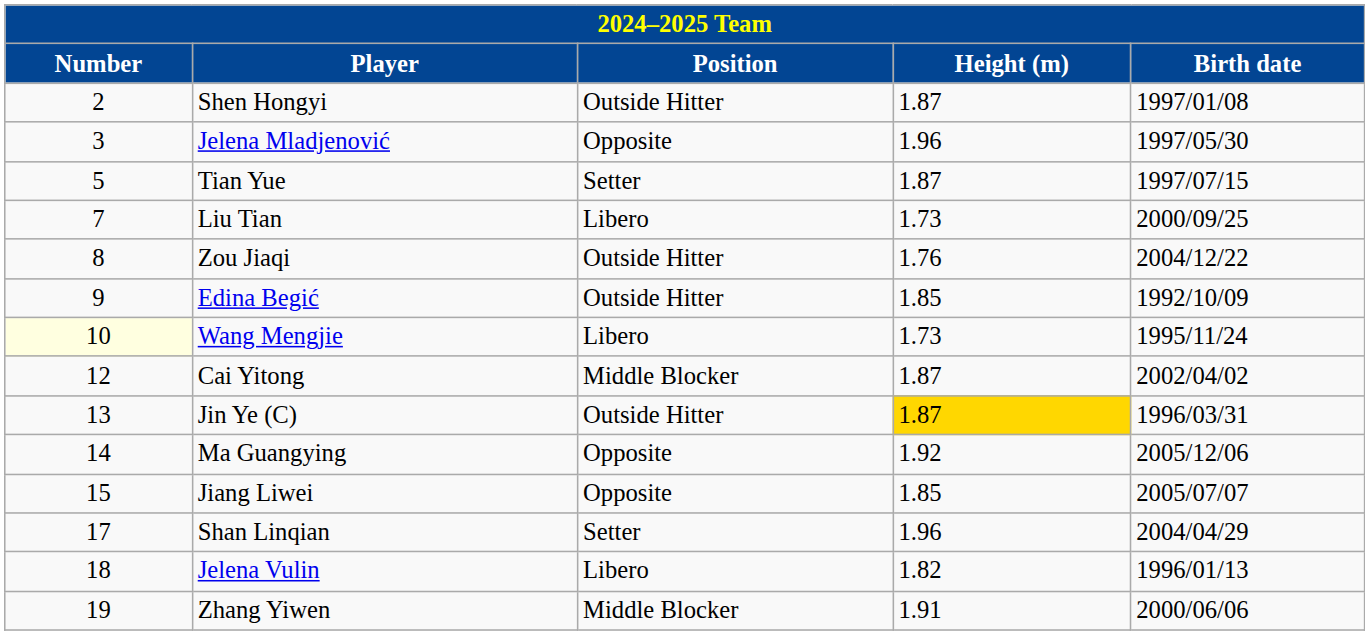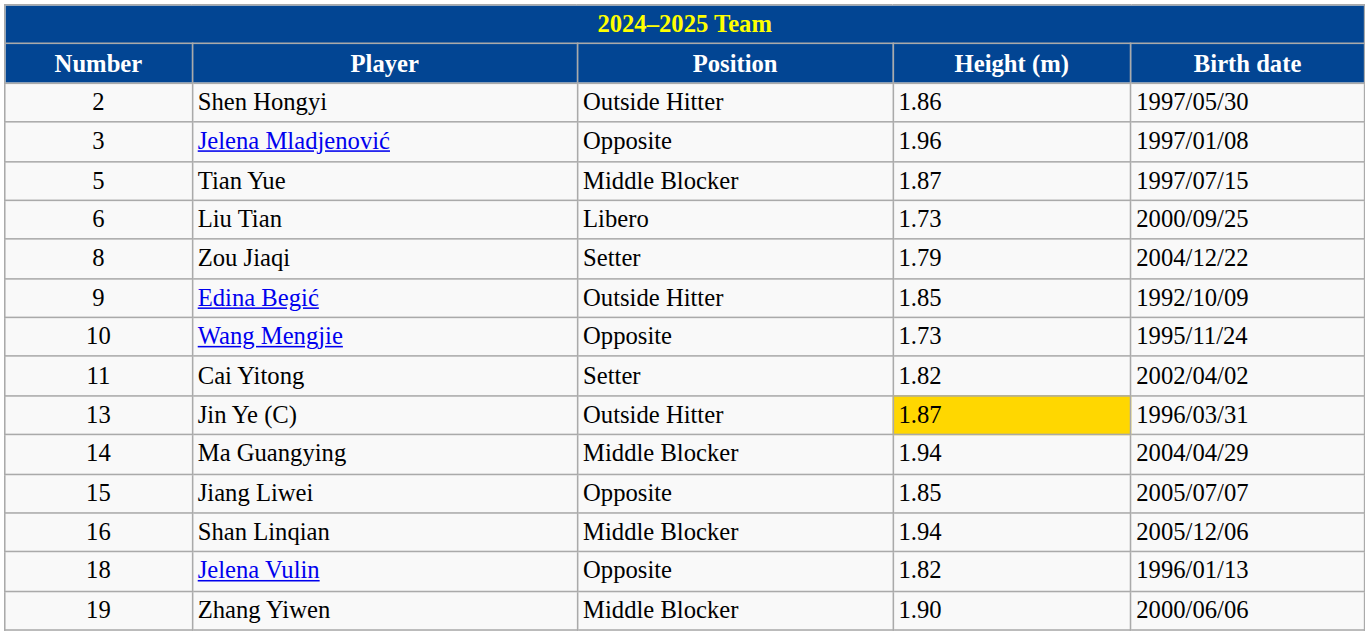 <table class="wikitable" style="width:100%;">
 <tr>
 <th style="color:#ffff00; background:#024593;" colspan=6><strong>2024–2025 Team</strong></th>
 </tr>
 <tr>
 <th style="color:#ffffff; background:#024593;">Number</th>
 <th style="color:#ffffff; background:#024593;">Player</th>
 <th style="color:#ffffff; background:#024593;">Position</th>
 <th style="color:#ffffff; background:#024593;">Height (m)</th>
 <th style="color:#ffffff; background:#024593;">Birth date</th>
 </tr>
 <tr align="left">
 <td align=center>2</td>
 <td> Shen Hongyi</td>
 <td>Outside Hitter</td>
-<td>1.87</td>
-<td>1997/01/08</td>
+<td>1.86</td>
+<td>1997/05/30</td>
 </tr>
 <tr align="left">
 <td align=center>3</td>
 <td> <a href='#'>Jelena Mladjenović</a></td>
 <td>Opposite</td>
 <td>1.96</td>
-<td>1997/05/30</td>
+<td>1997/01/08</td>
 </tr>
 <tr align="left">
 <td align=center>5</td>
 <td> Tian Yue</td>
-<td>Setter</td>
+<td>Middle Blocker</td>
 <td>1.87</td>
 <td>1997/07/15</td>
 </tr>
 <tr align="left">
-<td align=center>7</td>
+<td align=center>6</td>
 <td> Liu Tian</td>
 <td>Libero</td>
 <td>1.73</td>
 <td>2000/09/25</td>
 </tr>
 <tr align="left">
 <td align=center>8</td>
 <td> Zou Jiaqi</td>
-<td>Outside Hitter</td>
-<td>1.76</td>
+<td>Setter</td>
+<td>1.79</td>
 <td>2004/12/22</td>
 </tr>
 <tr align="left">
 <td align=center>9</td>
 <td> <a href='#'>Edina Begić</a></td>
 <td>Outside Hitter</td>
 <td>1.85</td>
 <td>1992/10/09</td>
 </tr>
 <tr align="left">
-<td align=center style="background: lightyellow;">10</td>
+<td align=center>10</td>
 <td> <a href='#'>Wang Mengjie</a></td>
-<td>Libero</td>
+<td>Opposite</td>
 <td>1.73</td>
 <td>1995/11/24</td>
 </tr>
 <tr align="left">
-<td align=center>12</td>
+<td align=center>11</td>
 <td> Cai Yitong</td>
-<td>Middle Blocker</td>
-<td>1.87</td>
+<td>Setter</td>
+<td>1.82</td>
 <td>2002/04/02</td>
 </tr>
 <tr align="left">
 <td align=center>13</td>
 <td> Jin Ye (C)</td>
 <td>Outside Hitter</td>
 <td style="background: gold;">1.87</td>
 <td>1996/03/31</td>
 </tr>
 <tr align="left">
 <td align=center>14</td>
 <td> Ma Guangying</td>
-<td>Opposite</td>
-<td>1.92</td>
-<td>2005/12/06</td>
+<td>Middle Blocker</td>
+<td>1.94</td>
+<td>2004/04/29</td>
 </tr>
 <tr align="left">
 <td align=center>15</td>
 <td> Jiang Liwei</td>
 <td>Opposite</td>
 <td>1.85</td>
 <td>2005/07/07</td>
 </tr>
 <tr align="left">
-<td align=center>17</td>
+<td align=center>16</td>
 <td> Shan Linqian</td>
-<td>Setter</td>
-<td>1.96</td>
-<td>2004/04/29</td>
+<td>Middle Blocker</td>
+<td>1.94</td>
+<td>2005/12/06</td>
 </tr>
 <tr align="left">
 <td align=center>18</td>
 <td> <a href='#'>Jelena Vulin</a></td>
-<td>Libero</td>
+<td>Opposite</td>
 <td>1.82</td>
 <td>1996/01/13</td>
 </tr>
 <tr>
 <td align=center>19</td>
 <td> Zhang Yiwen</td>
 <td>Middle Blocker</td>
-<td>1.91</td>
+<td>1.90</td>
 <td>2000/06/06</td>
 </tr>
 </table>
